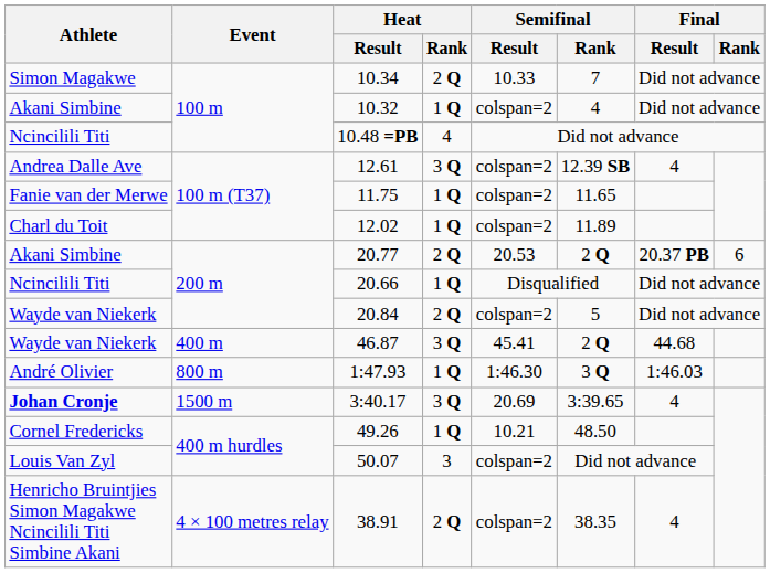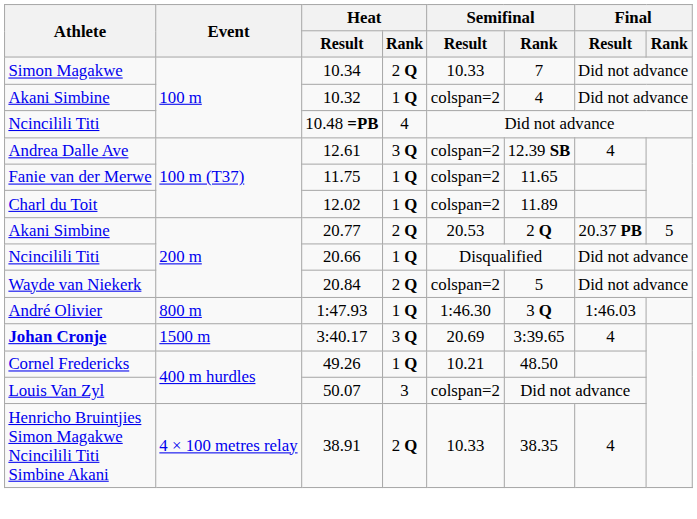 <table class=wikitable style=font-size:90%|>
 <tr>
 <th rowspan=2>Athlete</th>
 <th rowspan=2>Event</th>
 <th colspan=2>Heat</th>
 <th colspan=2>Semifinal</th>
 <th colspan=2>Final</th>
 </tr>
 <tr style=font-size:95%>
 <th>Result</th>
 <th>Rank</th>
 <th>Result</th>
 <th>Rank</th>
 <th>Result</th>
 <th>Rank</th>
 </tr>
 <tr align=center>
 <td align=left><a href='#'>Simon Magakwe</a></td>
 <td align=left rowspan=3><a href='#'>100 m</a></td>
 <td>10.34</td>
 <td>2 <strong>Q</strong></td>
 <td>10.33</td>
 <td>7</td>
 <td colspan=2>Did not advance</td>
 </tr>
 <tr align=center>
 <td align=left><a href='#'>Akani Simbine</a></td>
 <td>10.32</td>
 <td>1 <strong>Q</strong></td>
 <td>colspan=2 </td>
 <td>4</td>
 <td colspan=2>Did not advance</td>
 </tr>
 <tr align=center>
 <td align=left><a href='#'>Ncincilili Titi</a></td>
 <td>10.48 <strong>=PB</strong></td>
 <td>4</td>
 <td colspan=4>Did not advance</td>
 </tr>
 <tr align=center>
 <td align=left><a href='#'>Andrea Dalle Ave</a></td>
 <td align=left rowspan=3><a href='#'>100 m (T37)</a></td>
 <td>12.61</td>
 <td>3 <strong>Q</strong></td>
 <td>colspan=2 </td>
 <td>12.39 <strong>SB</strong></td>
 <td>4</td>
 </tr>
 <tr align=center>
 <td align=left><a href='#'>Fanie van der Merwe</a></td>
 <td>11.75</td>
 <td>1 <strong>Q</strong></td>
 <td>colspan=2 </td>
 <td>11.65</td>
 <td></td>
 </tr>
 <tr align=center>
 <td align=left><a href='#'>Charl du Toit</a></td>
 <td>12.02</td>
 <td>1 <strong>Q</strong></td>
 <td>colspan=2 </td>
 <td>11.89</td>
 <td></td>
 </tr>
 <tr align=center>
 <td align=left><a href='#'>Akani Simbine</a></td>
 <td align=left rowspan=3><a href='#'>200 m</a></td>
 <td>20.77</td>
 <td>2 <strong>Q</strong></td>
 <td>20.53</td>
 <td>2 <strong>Q</strong></td>
 <td>20.37 <strong>PB</strong></td>
-<td>6</td>
+<td>5</td>
 </tr>
 <tr align=center>
 <td align=left><a href='#'>Ncincilili Titi</a></td>
 <td>20.66</td>
 <td>1 <strong>Q</strong></td>
 <td colspan=2>Disqualified</td>
 <td colspan=2>Did not advance</td>
 </tr>
 <tr align=center>
 <td align=left><a href='#'>Wayde van Niekerk</a></td>
 <td>20.84</td>
 <td>2 <strong>Q</strong></td>
 <td>colspan=2 </td>
 <td>5</td>
 <td colspan=2>Did not advance</td>
-</tr>
-<tr align=center>
-<td align=left><a href='#'>Wayde van Niekerk</a></td>
-<td align=left><a href='#'>400 m</a></td>
-<td>46.87</td>
-<td>3 <strong>Q</strong></td>
-<td>45.41</td>
-<td>2 <strong>Q</strong></td>
-<td>44.68</td>
-<td></td>
 </tr>
 <tr align=center>
 <td align=left><a href='#'>André Olivier</a></td>
 <td align=left><a href='#'>800 m</a></td>
 <td>1:47.93</td>
 <td>1 <strong>Q</strong></td>
 <td>1:46.30</td>
 <td>3 <strong>Q</strong></td>
 <td>1:46.03</td>
 <td></td>
 </tr>
 <tr align=center>
 <td align=left><strong><a href='#'>Johan Cronje</a></strong></td>
 <td align=left><a href='#'>1500 m</a></td>
 <td>3:40.17</td>
 <td>3 <strong>Q</strong></td>
 <td>20.69</td>
 <td>3:39.65</td>
 <td>4</td>
 </tr>
 <tr align=center>
 <td align=left><a href='#'>Cornel Fredericks</a></td>
 <td align=left rowspan=2><a href='#'>400 m hurdles</a></td>
 <td>49.26</td>
 <td>1 <strong>Q</strong></td>
 <td>10.21</td>
 <td>48.50</td>
 <td></td>
 </tr>
 <tr align=center>
 <td align=left><a href='#'>Louis Van Zyl</a></td>
 <td>50.07</td>
 <td>3</td>
 <td>colspan=2 </td>
 <td colspan=2>Did not advance</td>
 </tr>
 <tr align=center>
 <td align=left><a href='#'>Henricho Bruintjies</a><br><a href='#'>Simon Magakwe</a><br><a href='#'>Ncincilili Titi</a><br><a href='#'>Simbine Akani</a></td>
 <td align=left><a href='#'>4 × 100 metres relay</a></td>
 <td>38.91</td>
 <td>2 <strong>Q</strong></td>
-<td>colspan=2 </td>
+<td>10.33</td>
 <td>38.35</td>
 <td>4</td>
 </tr>
 </table>
